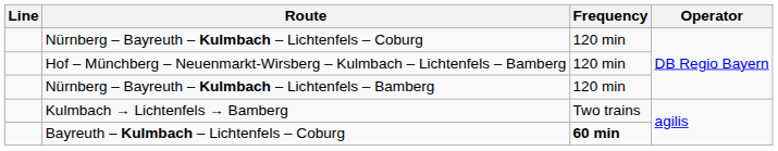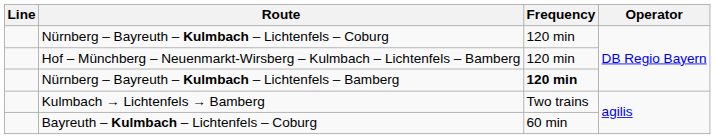 <table class="wikitable">
 <tr>
 <th>Line</th>
 <th>Route</th>
 <th>Frequency</th>
 <th>Operator</th>
 </tr>
 <tr>
 <td></td>
 <td>Nürnberg – Bayreuth – <strong>Kulmbach</strong> – Lichtenfels – Coburg</td>
 <td>120 min</td>
 <td rowspan="3"><a href='#'>DB Regio Bayern</a></td>
 </tr>
 <tr>
 <td></td>
 <td>Hof – Münchberg – Neuenmarkt-Wirsberg – Kulmbach – Lichtenfels – Bamberg</td>
 <td>120 min</td>
 </tr>
 <tr>
 <td></td>
 <td>Nürnberg – Bayreuth – <strong>Kulmbach</strong> – Lichtenfels – Bamberg</td>
-<td>120 min</td>
+<td><strong>120 min</strong></td>
 </tr>
 <tr>
 <td></td>
 <td>Kulmbach → Lichtenfels → Bamberg</td>
 <td>Two trains</td>
 <td rowspan="2"><a href='#'>agilis</a></td>
 </tr>
 <tr>
 <td></td>
 <td>Bayreuth – <strong>Kulmbach</strong> – Lichtenfels – Coburg</td>
-<td><strong>60 min</strong></td>
+<td>60 min</td>
 </tr>
 </table>
